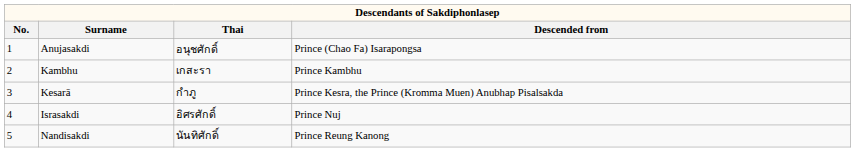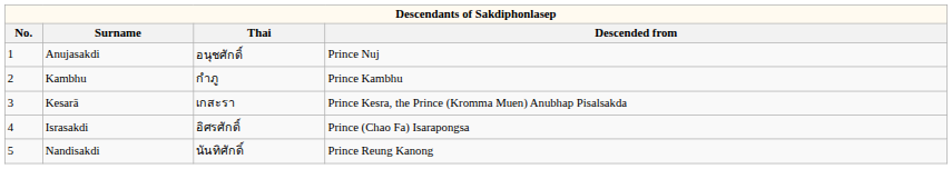 <table class="wikitable collapsible collapsed" style="width:100%;">
 <tr>
 <th style="align: center; background: #fffaf0;" colspan="4"><strong>Descendants of Sakdiphonlasep</strong></th>
 </tr>
 <tr>
 <th style="width:4%;">No.</th>
 <th style="width:16%;">Surname</th>
 <th style="width:14%;">Thai</th>
 <th style="width:66%;">Descended from</th>
 </tr>
 <tr>
 <td>1</td>
 <td>Anujasakdi</td>
 <td>อนุชศักดิ์</td>
-<td>Prince (Chao Fa) Isarapongsa</td>
+<td>Prince Nuj</td>
 </tr>
 <tr>
 <td>2</td>
 <td>Kambhu</td>
-<td>เกสะรา</td>
+<td>กำภู</td>
 <td>Prince Kambhu</td>
 </tr>
 <tr>
 <td>3</td>
 <td>Kesarā</td>
-<td>กำภู</td>
+<td>เกสะรา</td>
 <td>Prince Kesra, the Prince (Kromma Muen) Anubhap Pisalsakda</td>
 </tr>
 <tr>
 <td>4</td>
 <td>Israsakdi</td>
 <td>อิศรศักดิ์</td>
-<td>Prince Nuj</td>
+<td>Prince (Chao Fa) Isarapongsa</td>
 </tr>
 <tr>
 <td>5</td>
 <td>Nandisakdi</td>
 <td>นันทิศักดิ์</td>
 <td>Prince Reung Kanong</td>
 </tr>
 </table>
